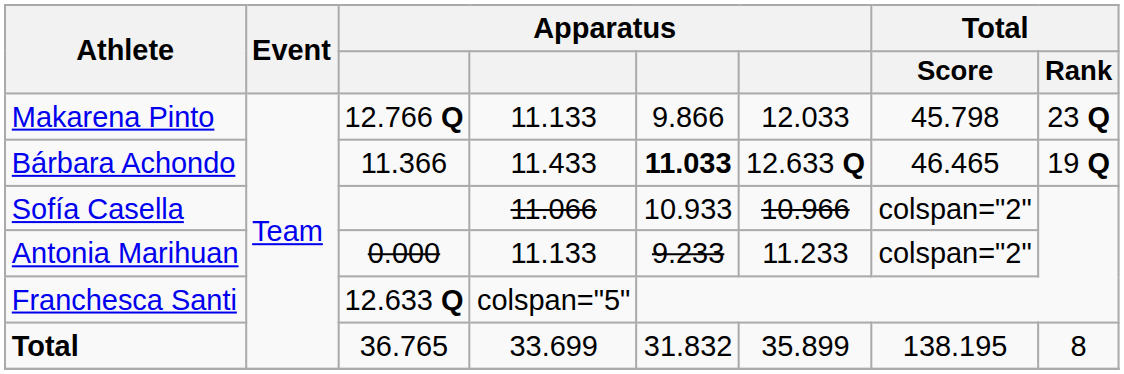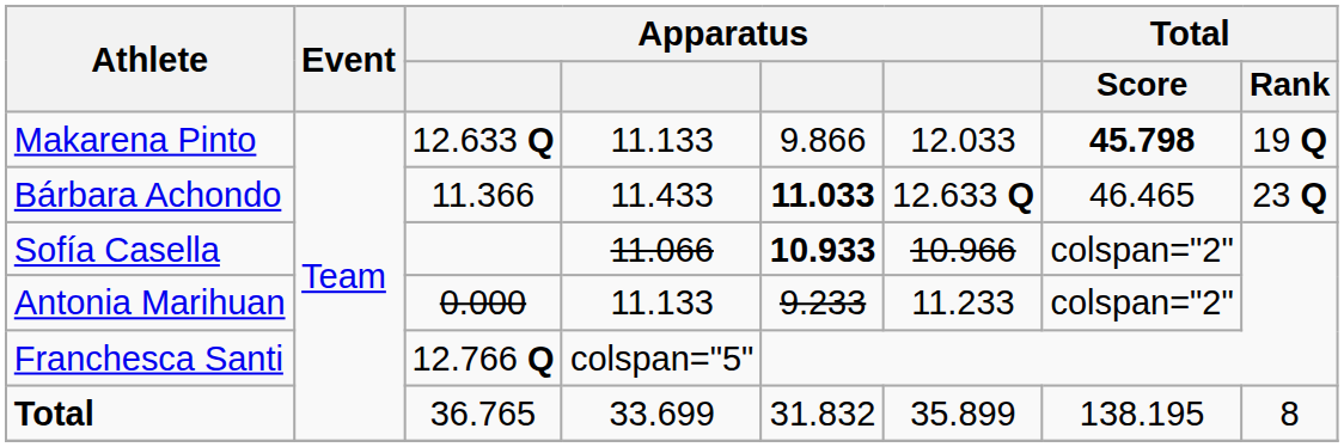 <table class=wikitable style=font-size:90%;text-align:center>
 <tr>
 <th rowspan=2>Athlete</th>
 <th rowspan=2>Event</th>
 <th colspan=4>Apparatus</th>
 <th colspan=2>Total</th>
 </tr>
 <tr style=font-size:95%>
 <th></th>
 <th></th>
 <th></th>
 <th></th>
 <th>Score</th>
 <th>Rank</th>
 </tr>
 <tr>
 <td align=left><a href='#'>Makarena Pinto</a></td>
 <td align=left rowspan=6><a href='#'>Team</a></td>
-<td>12.766 <strong>Q</strong></td>
+<td>12.633 <strong>Q</strong></td>
 <td>11.133</td>
 <td>9.866</td>
 <td>12.033</td>
-<td>45.798</td>
-<td>23 <strong>Q</strong></td>
+<td><strong>45.798</strong></td>
+<td>19 <strong>Q</strong></td>
 </tr>
 <tr>
 <td align=left><a href='#'>Bárbara Achondo</a></td>
 <td>11.366</td>
 <td>11.433</td>
 <td><strong>11.033</strong></td>
 <td>12.633 <strong>Q</strong></td>
 <td>46.465</td>
-<td>19 <strong>Q</strong></td>
+<td>23 <strong>Q</strong></td>
 </tr>
 <tr>
 <td align=left><a href='#'>Sofía Casella</a></td>
 <td></td>
 <td><s>11.066</s></td>
-<td>10.933</td>
+<td><strong>10.933</strong></td>
 <td><s>10.966</s></td>
 <td>colspan="2" </td>
 </tr>
 <tr>
 <td align=left><a href='#'>Antonia Marihuan</a></td>
 <td><s>0.000</s></td>
 <td>11.133</td>
 <td><s>9.233</s></td>
 <td>11.233</td>
 <td>colspan="2" </td>
 </tr>
 <tr>
 <td align=left><a href='#'>Franchesca Santi</a></td>
-<td>12.633 <strong>Q</strong></td>
+<td>12.766 <strong>Q</strong></td>
 <td>colspan="5" </td>
 </tr>
 <tr>
 <td align=left><strong>Total</strong></td>
 <td>36.765</td>
 <td>33.699</td>
 <td>31.832</td>
 <td>35.899</td>
 <td>138.195</td>
 <td>8</td>
 </tr>
 <tr>
 </tr>
 </table>
